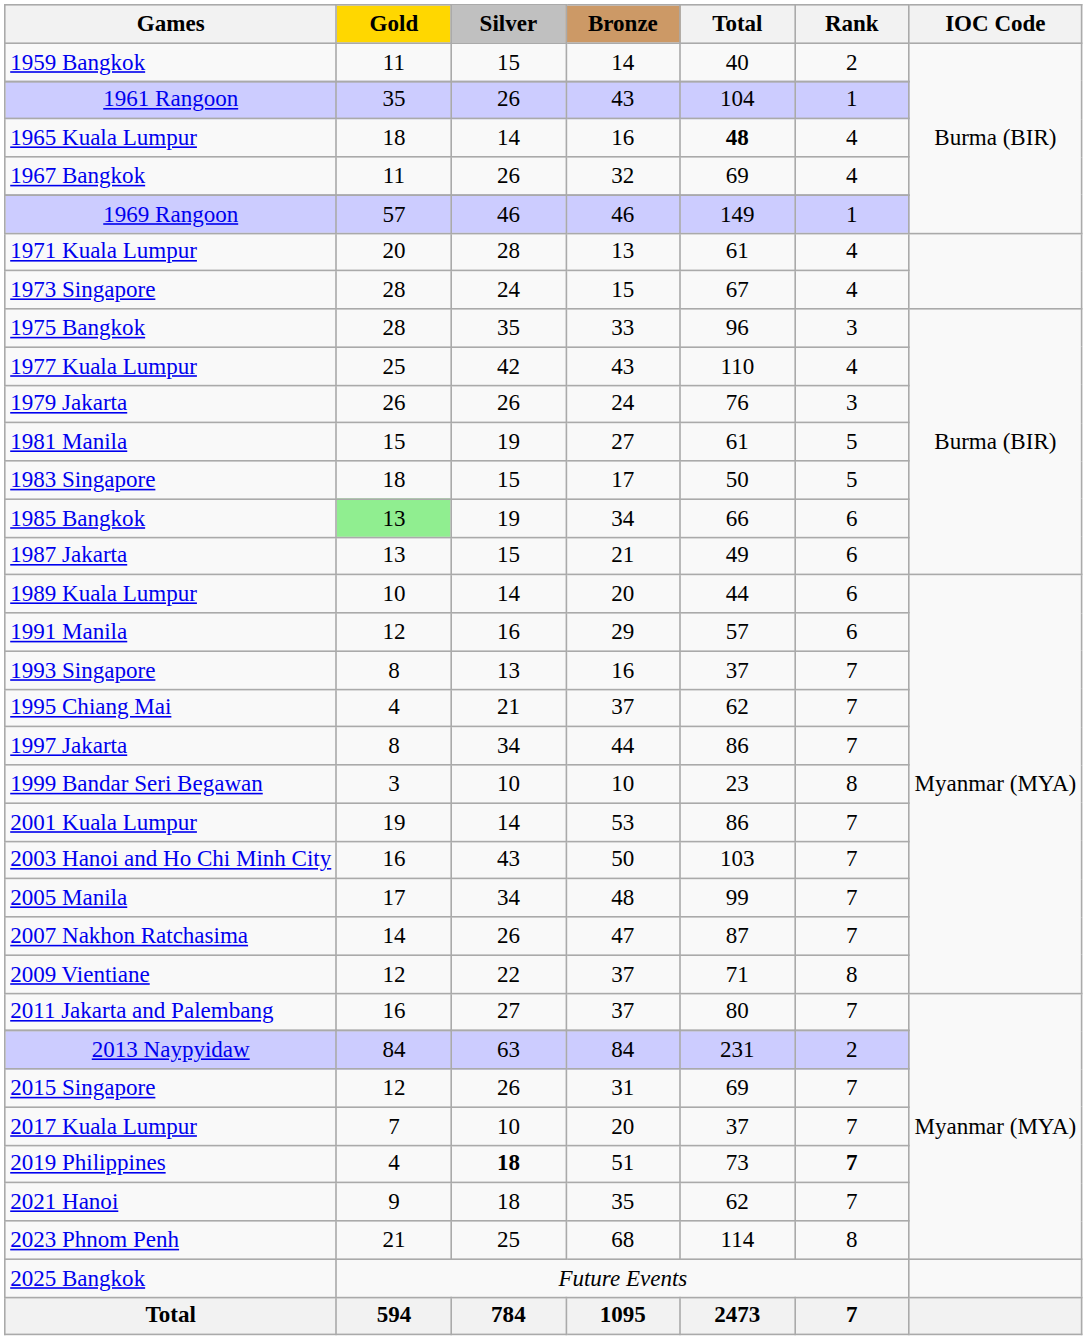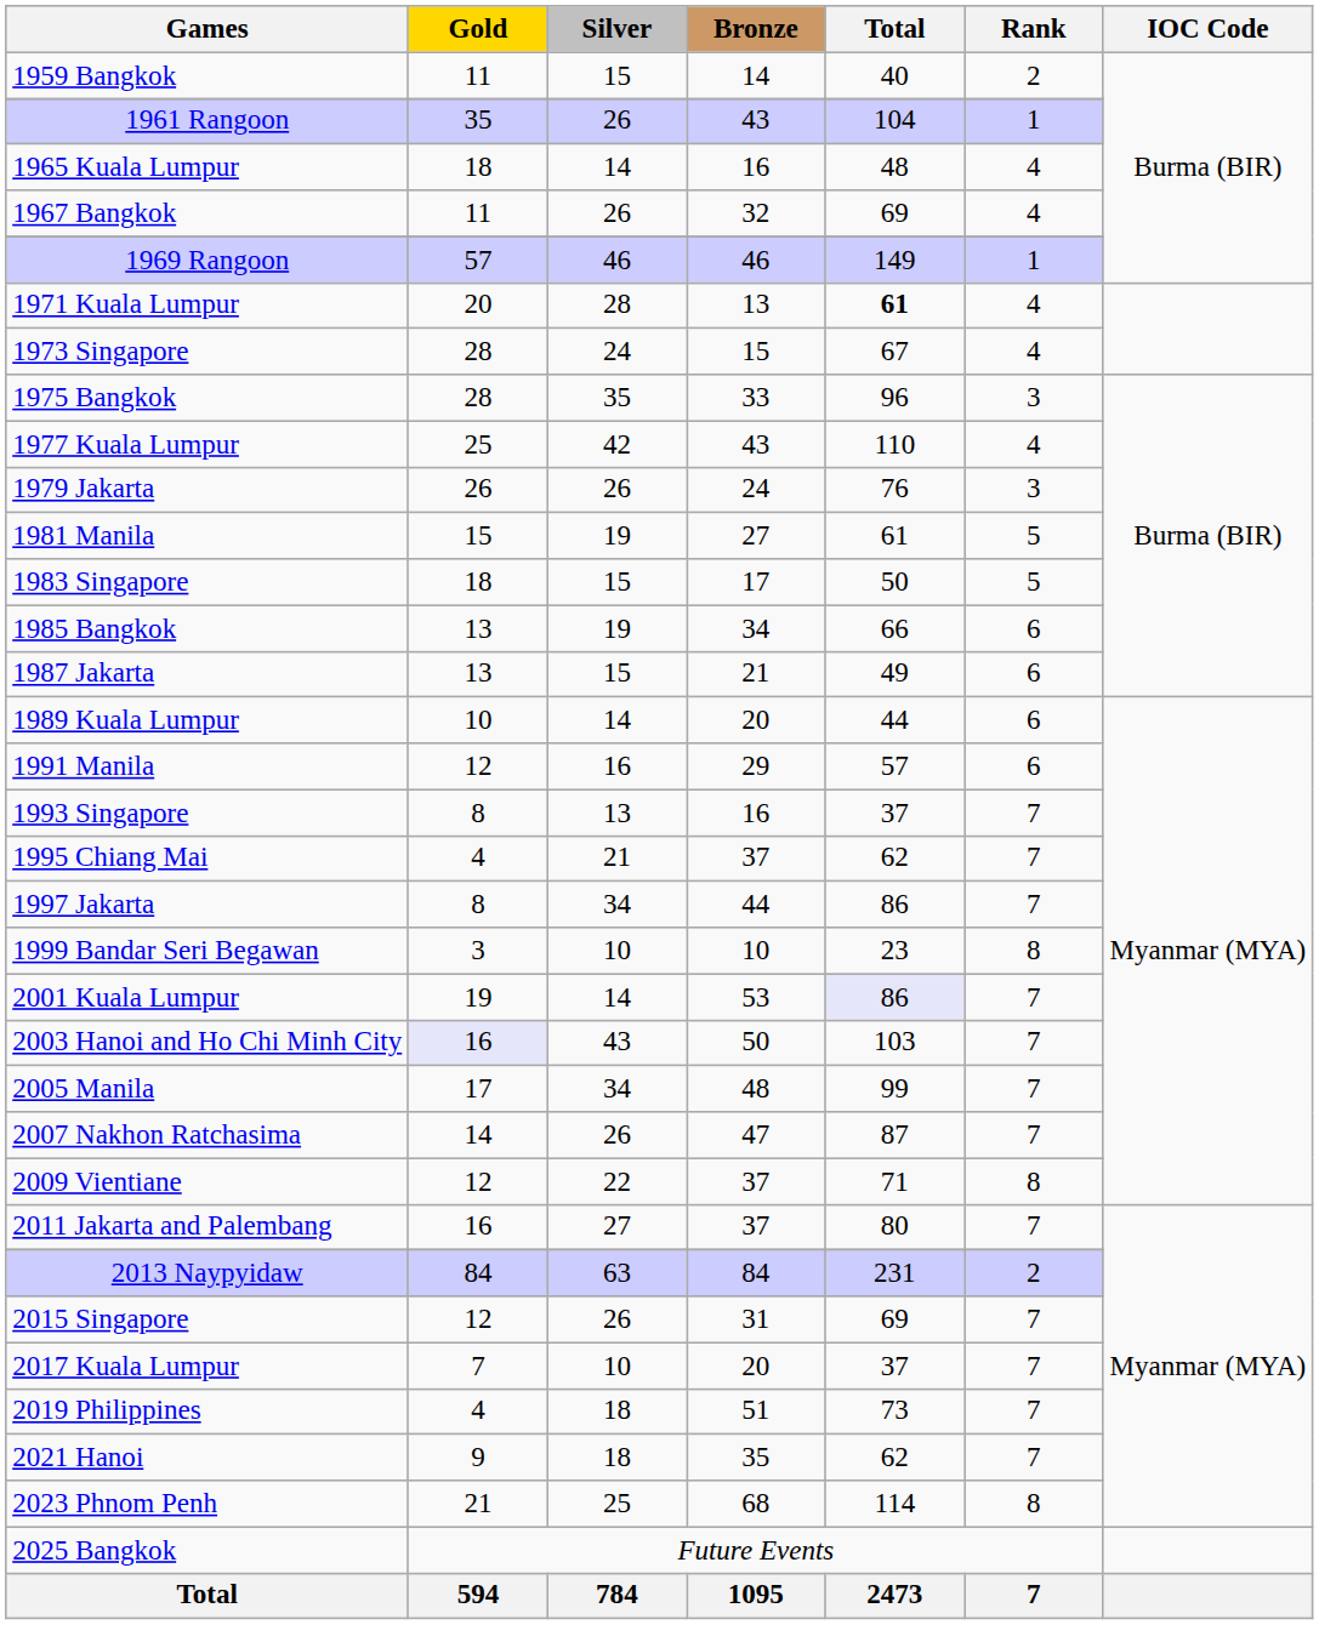 <table class="wikitable" style="text-align:center; font-size:90%;">
 <tr>
 <th>Games</th>
 <td style="background:gold; width:4.5em; font-weight:bold;">Gold</td>
 <td style="background:silver; width:4.5em; font-weight:bold;">Silver</td>
 <td style="background:#cc9966; width:4.5em; font-weight:bold;">Bronze</td>
 <th style="width:4.5em; font-weight:bold;">Total</th>
 <th style="width:4.5em; font-weight:bold;">Rank</th>
 <th>IOC Code</th>
 </tr>
 <tr>
 <td align=left> <a href='#'>1959 Bangkok</a></td>
 <td>11</td>
 <td>15</td>
 <td>14</td>
 <td>40</td>
 <td>2</td>
 <td rowspan=7>Burma (BIR)</td>
 </tr>
 <tr>
 </tr>
 <tr style="background:#ccccff">
 <td> <a href='#'>1961 Rangoon</a></td>
 <td>35</td>
 <td>26</td>
 <td>43</td>
 <td>104</td>
 <td>1</td>
 </tr>
 <tr>
 <td align=left> <a href='#'>1965 Kuala Lumpur</a></td>
 <td>18</td>
 <td>14</td>
 <td>16</td>
-<td><strong>48</strong></td>
+<td>48</td>
 <td>4</td>
 </tr>
 <tr>
 <td align=left> <a href='#'>1967 Bangkok</a></td>
 <td>11</td>
 <td>26</td>
 <td>32</td>
 <td>69</td>
 <td>4</td>
 </tr>
 <tr>
 </tr>
 <tr style="background:#ccccff">
 <td>  <a href='#'>1969 Rangoon</a></td>
 <td>57</td>
 <td>46</td>
 <td>46</td>
 <td>149</td>
 <td>1</td>
 </tr>
 <tr>
 <td align=left> <a href='#'>1971 Kuala Lumpur</a></td>
 <td>20</td>
 <td>28</td>
 <td>13</td>
-<td>61</td>
+<td><strong>61</strong></td>
 <td>4</td>
 </tr>
 <tr>
 <td align=left> <a href='#'>1973 Singapore</a></td>
 <td>28</td>
 <td>24</td>
 <td>15</td>
 <td>67</td>
 <td>4</td>
 </tr>
 <tr>
 <td align=left> <a href='#'>1975 Bangkok</a></td>
 <td>28</td>
 <td>35</td>
 <td>33</td>
 <td>96</td>
 <td>3</td>
 <td rowspan=7> Burma (BIR)</td>
 </tr>
 <tr>
 <td align=left> <a href='#'>1977 Kuala Lumpur</a></td>
 <td>25</td>
 <td>42</td>
 <td>43</td>
 <td>110</td>
 <td>4</td>
 </tr>
 <tr>
 <td align=left> <a href='#'>1979 Jakarta</a></td>
 <td>26</td>
 <td>26</td>
 <td>24</td>
 <td>76</td>
 <td>3</td>
 </tr>
 <tr>
 <td align=left> <a href='#'>1981 Manila</a></td>
 <td>15</td>
 <td>19</td>
 <td>27</td>
 <td>61</td>
 <td>5</td>
 </tr>
 <tr>
 <td align=left> <a href='#'>1983 Singapore</a></td>
 <td>18</td>
 <td>15</td>
 <td>17</td>
 <td>50</td>
 <td>5</td>
 </tr>
 <tr>
 <td align=left> <a href='#'>1985 Bangkok</a></td>
-<td style="background: lightgreen;">13</td>
+<td>13</td>
 <td>19</td>
 <td>34</td>
 <td>66</td>
 <td>6</td>
 </tr>
 <tr>
 <td align=left> <a href='#'>1987 Jakarta</a></td>
 <td>13</td>
 <td>15</td>
 <td>21</td>
 <td>49</td>
 <td>6</td>
 </tr>
 <tr>
 <td align=left> <a href='#'>1989 Kuala Lumpur</a></td>
 <td>10</td>
 <td>14</td>
 <td>20</td>
 <td>44</td>
 <td>6</td>
 <td rowspan=11> Myanmar (MYA)</td>
 </tr>
 <tr>
 <td align=left> <a href='#'>1991 Manila</a></td>
 <td>12</td>
 <td>16</td>
 <td>29</td>
 <td>57</td>
 <td>6</td>
 </tr>
 <tr>
 <td align=left> <a href='#'>1993 Singapore</a></td>
 <td>8</td>
 <td>13</td>
 <td>16</td>
 <td>37</td>
 <td>7</td>
 </tr>
 <tr>
 <td align=left> <a href='#'>1995 Chiang Mai</a></td>
 <td>4</td>
 <td>21</td>
 <td>37</td>
 <td>62</td>
 <td>7</td>
 </tr>
 <tr>
 <td align=left> <a href='#'>1997 Jakarta</a></td>
 <td>8</td>
 <td>34</td>
 <td>44</td>
 <td>86</td>
 <td>7</td>
 </tr>
 <tr>
 <td align=left> <a href='#'>1999 Bandar Seri Begawan</a></td>
 <td>3</td>
 <td>10</td>
 <td>10</td>
 <td>23</td>
 <td>8</td>
 </tr>
 <tr>
 <td align=left> <a href='#'>2001 Kuala Lumpur</a></td>
 <td>19</td>
 <td>14</td>
 <td>53</td>
-<td>86</td>
+<td style="background: lavender;">86</td>
 <td>7</td>
 </tr>
 <tr>
 <td align=left> <a href='#'>2003 Hanoi and Ho Chi Minh City</a></td>
-<td>16</td>
+<td style="background: lavender;">16</td>
 <td>43</td>
 <td>50</td>
 <td>103</td>
 <td>7</td>
 </tr>
 <tr>
 <td align=left> <a href='#'>2005 Manila</a></td>
 <td>17</td>
 <td>34</td>
 <td>48</td>
 <td>99</td>
 <td>7</td>
 </tr>
 <tr>
 <td align=left> <a href='#'>2007 Nakhon Ratchasima</a></td>
 <td>14</td>
 <td>26</td>
 <td>47</td>
 <td>87</td>
 <td>7</td>
 </tr>
 <tr>
 <td align=left> <a href='#'>2009 Vientiane</a></td>
 <td>12</td>
 <td>22</td>
 <td>37</td>
 <td>71</td>
 <td>8</td>
 </tr>
 <tr>
 <td align=left> <a href='#'>2011 Jakarta and Palembang</a></td>
 <td>16</td>
 <td>27</td>
 <td>37</td>
 <td>80</td>
 <td>7</td>
 <td rowspan=8> Myanmar (MYA)</td>
 </tr>
 <tr>
 </tr>
 <tr style="background:#ccccff">
 <td> <a href='#'>2013 Naypyidaw</a></td>
 <td>84</td>
 <td>63</td>
 <td>84</td>
 <td>231</td>
 <td>2</td>
 </tr>
 <tr>
 <td align=left> <a href='#'>2015 Singapore</a></td>
 <td>12</td>
 <td>26</td>
 <td>31</td>
 <td>69</td>
 <td>7</td>
 </tr>
 <tr>
 <td align=left> <a href='#'>2017 Kuala Lumpur</a></td>
 <td>7</td>
 <td>10</td>
 <td>20</td>
 <td>37</td>
 <td>7</td>
 </tr>
 <tr>
 <td align=left> <a href='#'>2019 Philippines</a></td>
 <td>4</td>
-<td><strong>18</strong></td>
+<td>18</td>
 <td>51</td>
 <td>73</td>
-<td><strong>7</strong></td>
+<td>7</td>
 </tr>
 <tr>
 <td align=left> <a href='#'>2021 Hanoi</a></td>
 <td>9</td>
 <td>18</td>
 <td>35</td>
 <td>62</td>
 <td>7</td>
 </tr>
 <tr>
 <td align=left> <a href='#'>2023 Phnom Penh</a></td>
 <td>21</td>
 <td>25</td>
 <td>68</td>
 <td>114</td>
 <td>8</td>
 </tr>
 <tr>
 <td align=left> <a href='#'>2025 Bangkok</a></td>
 <td colspan="5;" rowspan="1"><em>Future Events</em></td>
 </tr>
 <tr>
 <th>Total</th>
 <th>594</th>
 <th>784</th>
 <th>1095</th>
 <th>2473</th>
 <th>7</th>
 <th></th>
 </tr>
 </table>
